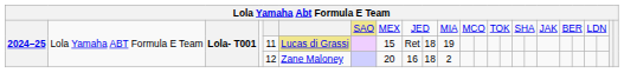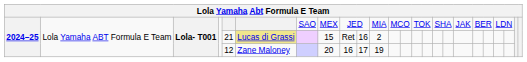 <table class="wikitable" style="font-size: 85%; text-align:center;">
 <tr>
 <th colspan="24">Lola <a href='#'>Yamaha</a> <a href='#'>Abt</a> Formula E Team</th>
 </tr>
 <tr>
 <th rowspan="3"><a href='#'>2024–25</a></th>
 <td rowspan="3">Lola <a href='#'>Yamaha</a> <a href='#'>ABT</a> Formula E Team</td>
 <th rowspan="3"><strong>Lola- T001</strong></th>
 <td rowspan="3"></td>
 <th></th>
 <th></th>
-<td style="background: khaki;"><a href='#'>SAO</a></td>
+<td><a href='#'>SAO</a></td>
 <td><a href='#'>MEX</a></td>
 <td colspan="2"><a href='#'>JED</a></td>
 <td><a href='#'>MIA</a></td>
 <td colspan="2"><a href='#'>MCO</a></td>
 <td colspan="2"><a href='#'>TOK</a></td>
 <td colspan="2"><a href='#'>SHA</a></td>
 <td><a href='#'>JAK</a></td>
 <td colspan="2"><a href='#'>BER</a></td>
 <td colspan="2"><a href='#'>LDN</a></td>
 <th rowspan="3"></th>
 <th rowspan="3"></th>
 </tr>
 <tr>
-<td>11</td>
+<td>21</td>
 <td align="left" style="background: khaki;"> <a href='#'>Lucas di Grassi</a></td>
 <td style="background:#EFCFFF;"></td>
 <td>15</td>
 <td>Ret</td>
-<td>18</td>
-<td>19</td>
+<td>16</td>
+<td>2</td>
 <td></td>
 <td></td>
 <td></td>
 <td></td>
 <td></td>
 <td></td>
 <td></td>
 <td></td>
 <td></td>
 <td></td>
 <td></td>
 </tr>
 <tr>
 <td>12</td>
 <td align="left"> <a href='#'>Zane Maloney</a></td>
 <td style="background:#CFCFFF;"></td>
 <td>20</td>
 <td>16</td>
-<td>18</td>
-<td>2</td>
+<td>17</td>
+<td>19</td>
 <td></td>
 <td></td>
 <td></td>
 <td></td>
 <td></td>
 <td></td>
 <td></td>
 <td></td>
 <td></td>
 <td></td>
 <td></td>
 </tr>
 </table>
